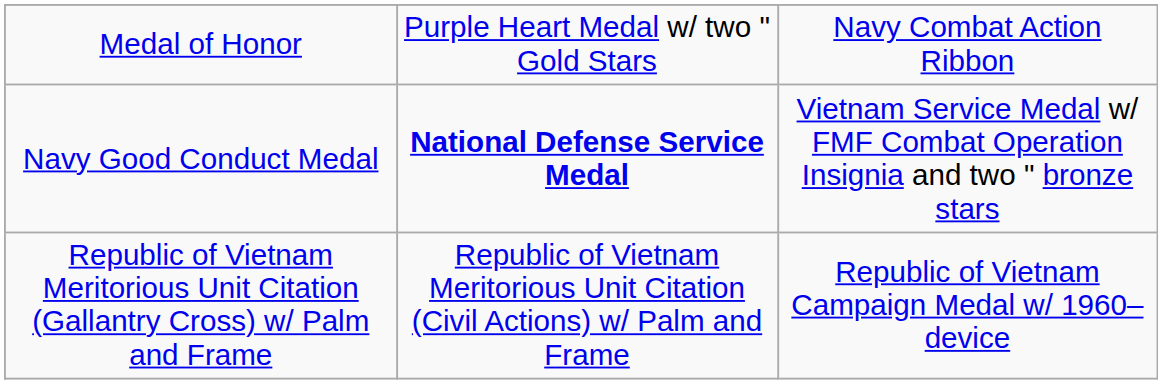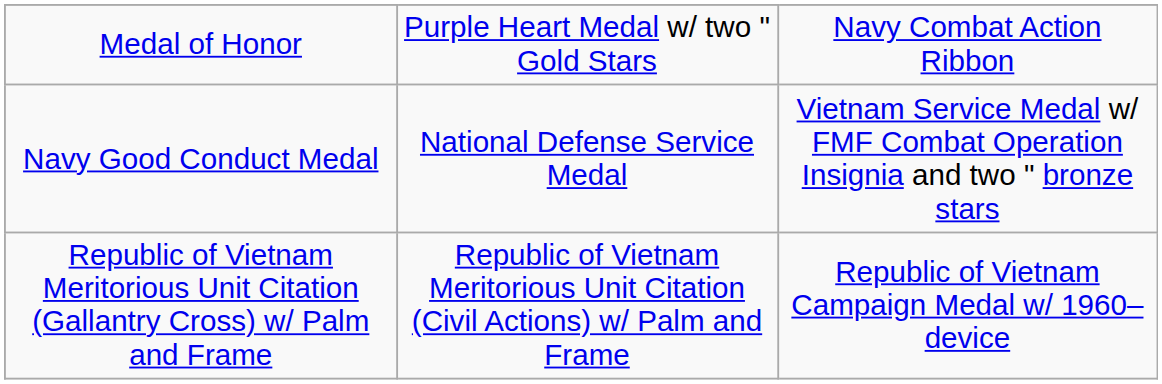 <table class="wikitable" style="margin:1em auto; text-align:center;">
 <tr>
 <td><a href='#'>Medal of Honor</a></td>
 <td><a href='#'>Purple Heart Medal</a> w/ two " <a href='#'>Gold Stars</a></td>
 <td><a href='#'>Navy Combat Action Ribbon</a></td>
 </tr>
 <tr>
 <td><a href='#'>Navy Good Conduct Medal</a></td>
-<td><strong><a href='#'>National Defense Service Medal</a></strong></td>
+<td><a href='#'>National Defense Service Medal</a></td>
 <td><a href='#'>Vietnam Service Medal</a> w/ <a href='#'>FMF Combat Operation Insignia</a> and two " <a href='#'>bronze stars</a></td>
 </tr>
 <tr>
 <td><a href='#'>Republic of Vietnam Meritorious Unit Citation (Gallantry Cross) w/ Palm and Frame</a></td>
 <td><a href='#'>Republic of Vietnam Meritorious Unit Citation (Civil Actions) w/ Palm and Frame</a></td>
 <td><a href='#'>Republic of Vietnam Campaign Medal w/ 1960– device</a></td>
 </tr>
 </table>
